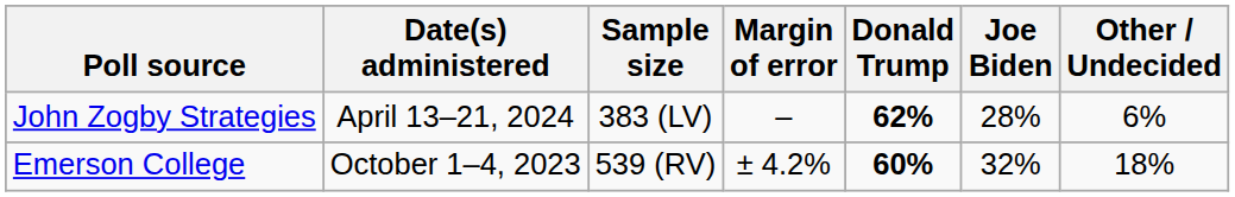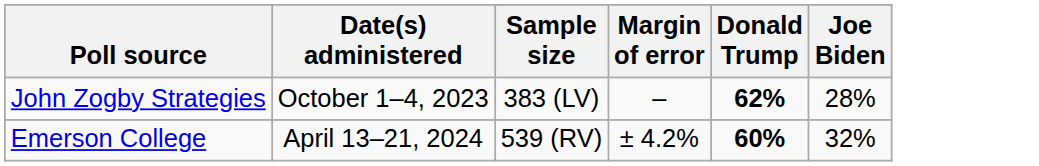 <table class="wikitable sortable mw-datatable" style="font-size:90%;text-align:center;line-height:17px">
 <tr valign=bottom>
 <th>Poll source</th>
 <th>Date(s)<br>administered</th>
 <th>Sample<br>size</th>
 <th>Margin<br>of error</th>
 <th class="unsortable">Donald<br>Trump<br></th>
 <th class="unsortable">Joe<br>Biden<br></th>
-<th class="unsortable">Other /<br>Undecided</th>
 </tr>
 <tr>
 <td style="text-align:left;"><a href='#'>John Zogby Strategies</a></td>
-<td data-sort-value="2024-05-01">April 13–21, 2024</td>
+<td>October 1–4, 2023</td>
 <td>383 (LV)</td>
 <td>–</td>
 <td style="background-color:"><strong>62%</strong></td>
 <td>28%</td>
-<td>6%</td>
 </tr>
 <tr>
 <td style="text-align:left;"><a href='#'>Emerson College</a></td>
-<td>October 1–4, 2023</td>
+<td data-sort-value="2024-05-01">April 13–21, 2024</td>
 <td>539 (RV)</td>
 <td>± 4.2%</td>
 <td style="background-color:"><strong>60%</strong></td>
 <td>32%</td>
-<td>18%</td>
 </tr>
 </table>
